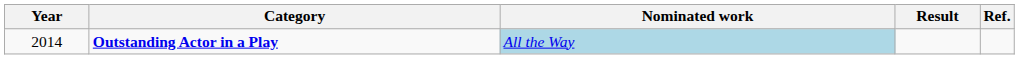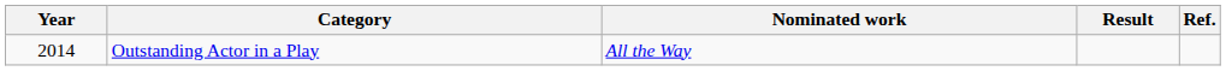 <table class=wikitable>
 <tr>
 <th scope="col" style="width:5em;">Year</th>
 <th scope="col" style="width:26em;">Category</th>
 <th scope="col" style="width:25em;">Nominated work</th>
 <th scope="col" style="width:5em;">Result</th>
 <th>Ref.</th>
 </tr>
 <tr>
 <td style="text-align:center;">2014</td>
-<td><strong><a href='#'>Outstanding Actor in a Play</a></strong></td>
-<td style="background: lightblue;"><em><a href='#'>All the Way</a></em></td>
+<td><a href='#'>Outstanding Actor in a Play</a></td>
+<td><em><a href='#'>All the Way</a></em></td>
 <td></td>
 <td style="text-align:center;"></td>
 </tr>
 </table>
